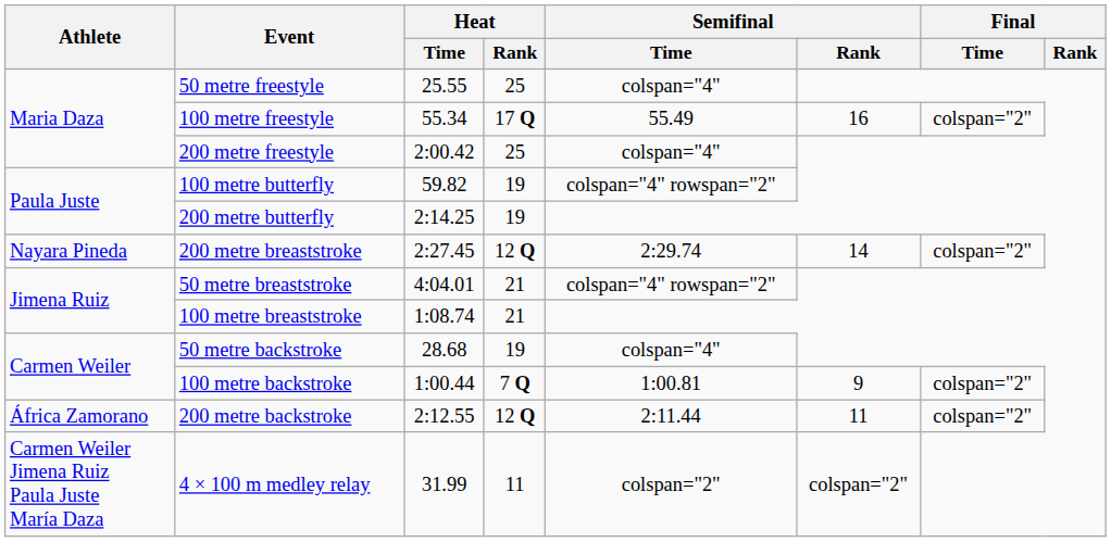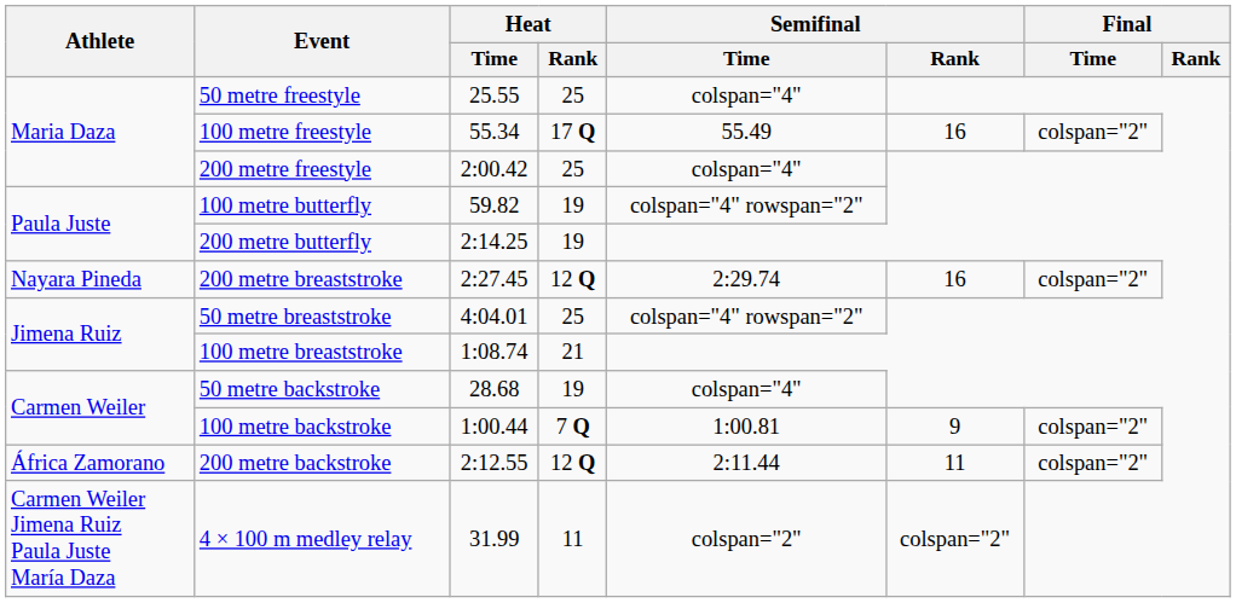 <table class="wikitable" style="text-align:center; font-size:90%; width:50%;">
 <tr>
 <th rowspan="2">Athlete</th>
 <th rowspan="2">Event</th>
 <th colspan="2">Heat</th>
 <th colspan="2">Semifinal</th>
 <th colspan="2">Final</th>
 </tr>
 <tr style="font-size:95%">
 <th>Time</th>
 <th>Rank</th>
 <th>Time</th>
 <th>Rank</th>
 <th>Time</th>
 <th>Rank</th>
 </tr>
 <tr align=center>
 <td align=left rowspan="3"><a href='#'>Maria Daza</a></td>
 <td align=left><a href='#'>50 metre freestyle</a></td>
 <td>25.55</td>
 <td>25</td>
 <td>colspan="4" </td>
 </tr>
 <tr align=center>
 <td align=left><a href='#'>100 metre freestyle</a></td>
 <td>55.34</td>
 <td>17 <strong>Q</strong></td>
 <td>55.49</td>
 <td>16</td>
 <td>colspan="2" </td>
 </tr>
 <tr align=center>
 <td align=left><a href='#'>200 metre freestyle</a></td>
 <td>2:00.42</td>
 <td>25</td>
 <td>colspan="4" </td>
 </tr>
 <tr align=center>
 <td align=left rowspan="2"><a href='#'>Paula Juste</a></td>
 <td align=left><a href='#'>100 metre butterfly</a></td>
 <td>59.82</td>
 <td>19</td>
 <td>colspan="4" rowspan="2" </td>
 </tr>
 <tr align=center>
 <td align=left><a href='#'>200 metre butterfly</a></td>
 <td>2:14.25</td>
 <td>19</td>
 </tr>
 <tr align=center>
 <td align=left><a href='#'>Nayara Pineda</a></td>
 <td align=left><a href='#'>200 metre breaststroke</a></td>
 <td>2:27.45</td>
 <td>12 <strong>Q</strong></td>
 <td>2:29.74</td>
-<td>14</td>
+<td>16</td>
 <td>colspan="2" </td>
 </tr>
 <tr align=center>
 <td align=left rowspan="2"><a href='#'>Jimena Ruiz</a></td>
 <td align=left><a href='#'>50 metre breaststroke</a></td>
 <td>4:04.01</td>
-<td>21</td>
+<td>25</td>
 <td>colspan="4" rowspan="2"</td>
 </tr>
 <tr align=center>
 <td align=left><a href='#'>100 metre breaststroke</a></td>
 <td>1:08.74</td>
 <td>21</td>
 </tr>
 <tr align=center>
 <td align=left rowspan="2"><a href='#'>Carmen Weiler</a></td>
 <td align=left><a href='#'>50 metre backstroke</a></td>
 <td>28.68</td>
 <td>19</td>
 <td>colspan="4" </td>
 </tr>
 <tr align=center>
 <td align=left><a href='#'>100 metre backstroke</a></td>
 <td>1:00.44</td>
 <td>7 <strong>Q</strong></td>
 <td>1:00.81</td>
 <td>9</td>
 <td>colspan="2" </td>
 </tr>
 <tr align=center>
 <td align=left><a href='#'>África Zamorano</a></td>
 <td align=left><a href='#'>200 metre backstroke</a></td>
 <td>2:12.55</td>
 <td>12 <strong>Q</strong></td>
 <td>2:11.44</td>
 <td>11</td>
 <td>colspan="2" </td>
 </tr>
 <tr>
 <td align=left><a href='#'>Carmen Weiler</a> <br><a href='#'>Jimena Ruiz</a> <br><a href='#'>Paula Juste</a> <br><a href='#'>María Daza</a></td>
 <td align=left><a href='#'>4 × 100 m medley relay</a></td>
 <td>31.99</td>
 <td>11</td>
 <td>colspan="2" </td>
 <td>colspan="2" </td>
 </tr>
 </table>
